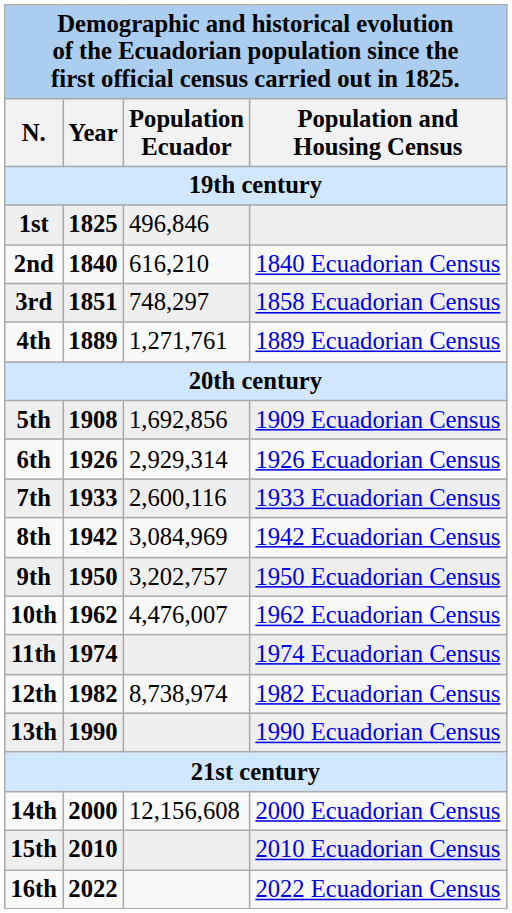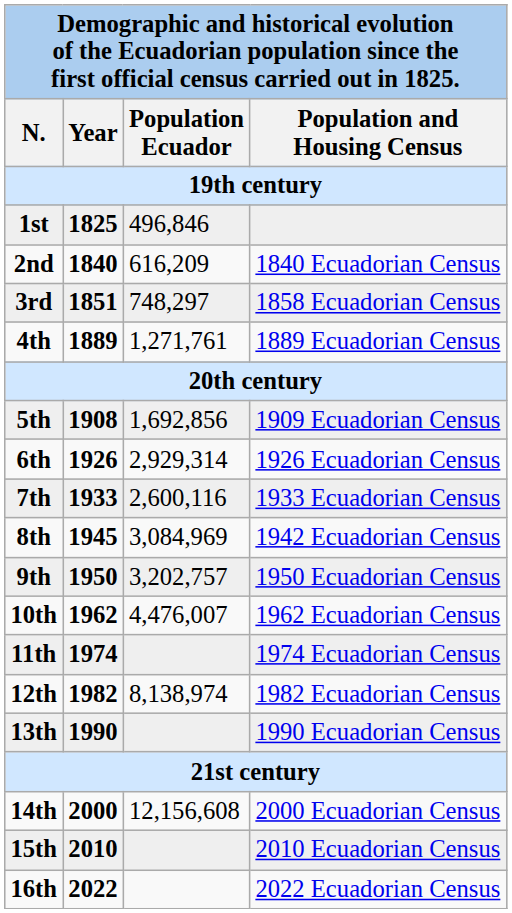 <table class="wikitable">
 <tr>
 <th colspan= "4" style="text-align:center; background:#abcdef;">Demographic and historical evolution <br>of the Ecuadorian population since the <br> first official census carried out in 1825.</th>
 </tr>
 <tr>
 <th>N.</th>
 <th>Year</th>
 <th>Population<br>Ecuador</th>
 <th>Population and <br> Housing Census</th>
 </tr>
 <tr align="center">
 <td colspan="4" style="background:#D0E7FF"><strong>19th century</strong></td>
 </tr>
 <tr align="center" style="background:#efefef; color:black">
 <td><strong>1st</strong></td>
 <td><strong>1825</strong></td>
 <td align="left"> 496,846</td>
 <td></td>
 </tr>
 <tr align="center">
 <td><strong>2nd</strong></td>
 <td><strong>1840</strong></td>
-<td align="left"> 616,210</td>
+<td align="left"> 616,209</td>
 <td><a href='#'>1840 Ecuadorian Census</a></td>
 </tr>
 <tr align="center" style="background:#efefef; color:black">
 <td><strong>3rd</strong></td>
 <td><strong>1851</strong></td>
 <td align="left"> 748,297</td>
 <td><a href='#'>1858 Ecuadorian Census</a></td>
 </tr>
 <tr align="center">
 <td><strong>4th</strong></td>
 <td><strong>1889</strong></td>
 <td align="left"> 1,271,761</td>
 <td><a href='#'>1889 Ecuadorian Census</a></td>
 </tr>
 <tr align="center">
 <td colspan="4" style="background:#D0E7FF"><strong>20th century</strong></td>
 </tr>
 <tr align="center" style="background:#efefef; color:black">
 <td><strong>5th</strong></td>
 <td><strong>1908</strong></td>
 <td align="left"> 1,692,856</td>
 <td><a href='#'>1909 Ecuadorian Census</a></td>
 </tr>
 <tr align="center">
 <td><strong>6th</strong></td>
 <td><strong>1926</strong></td>
 <td align="left"> 2,929,314</td>
 <td><a href='#'>1926 Ecuadorian Census</a></td>
 </tr>
 <tr align="center" style="background:#efefef; color:black">
 <td><strong>7th</strong></td>
 <td><strong>1933</strong></td>
 <td align="left"> 2,600,116</td>
 <td><a href='#'>1933 Ecuadorian Census</a></td>
 </tr>
 <tr align="center">
 <td><strong>8th</strong></td>
-<td><strong>1942</strong></td>
+<td><strong>1945</strong></td>
 <td align="left"> 3,084,969</td>
 <td><a href='#'>1942 Ecuadorian Census</a></td>
 </tr>
 <tr align="center" style="background:#efefef; color:black">
 <td><strong>9th</strong></td>
 <td><strong>1950</strong></td>
 <td align="left"> 3,202,757</td>
 <td><a href='#'>1950 Ecuadorian Census</a></td>
 </tr>
 <tr align="center">
 <td><strong>10th</strong></td>
 <td><strong>1962</strong></td>
 <td align="left"> 4,476,007</td>
 <td><a href='#'>1962 Ecuadorian Census</a></td>
 </tr>
 <tr align="center" style="background:#efefef; color:black">
 <td><strong>11th</strong></td>
 <td><strong>1974</strong></td>
 <td align="left"></td>
 <td><a href='#'>1974 Ecuadorian Census</a></td>
 </tr>
 <tr align="center">
 <td><strong>12th</strong></td>
 <td><strong>1982</strong></td>
-<td align="left"> 8,738,974</td>
+<td align="left"> 8,138,974</td>
 <td><a href='#'>1982 Ecuadorian Census</a></td>
 </tr>
 <tr align="center" style="background:#efefef; color:black">
 <td><strong>13th</strong></td>
 <td><strong>1990</strong></td>
 <td align="left"></td>
 <td><a href='#'>1990 Ecuadorian Census</a></td>
 </tr>
 <tr align="center">
 <td colspan="4" style="background:#D0E7FF"><strong>21st century</strong></td>
 </tr>
 <tr align="center">
 <td><strong>14th</strong></td>
 <td><strong>2000</strong></td>
 <td align="left"> 12,156,608</td>
 <td><a href='#'>2000 Ecuadorian Census</a></td>
 </tr>
 <tr align="center" style="background:#efefef; color:black">
 <td><strong>15th</strong></td>
 <td><strong>2010</strong></td>
 <td align="left"></td>
 <td><a href='#'>2010 Ecuadorian Census</a></td>
 </tr>
 <tr align="center">
 <td><strong>16th</strong></td>
 <td><strong>2022</strong></td>
 <td align="left"></td>
 <td><a href='#'>2022 Ecuadorian Census</a></td>
 </tr>
 </table>
